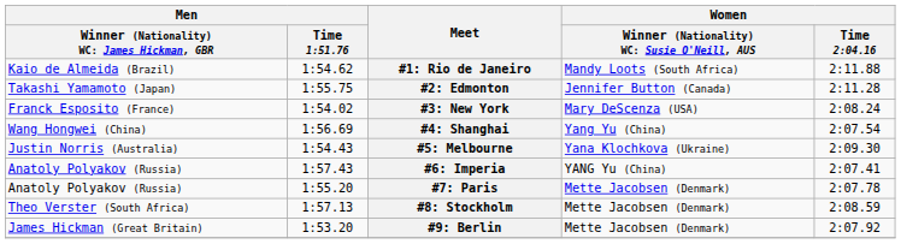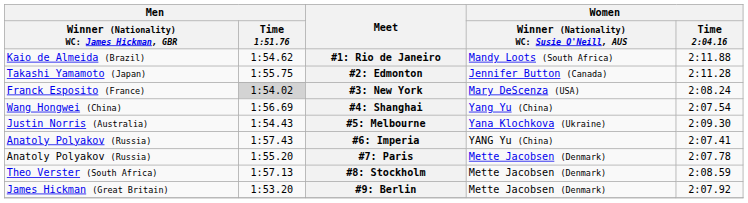 <table class=wikitable width="75%">
 <tr>
 <th colspan="2">Men</th>
 <th rowspan="2">Meet</th>
 <th colspan="2">Women</th>
 </tr>
 <tr>
 <th>Winner <small>(Nationality) <br> WC: <em><a href='#'>James Hickman</a>, GBR</em> </small></th>
 <th>Time <small><br> <em>1:51.76</em> </small></th>
 <th>Winner <small>(Nationality) <br> WC: <em><a href='#'>Susie O'Neill</a>, AUS</em> </small></th>
 <th>Time <small><br> <em>2:04.16</em> </small></th>
 </tr>
 <tr>
 <td> <a href='#'>Kaio de Almeida</a> <small>(Brazil)</small></td>
 <td align=center>1:54.62</td>
 <th>#1: Rio de Janeiro</th>
 <td> <a href='#'>Mandy Loots</a> <small>(South Africa)</small></td>
 <td align=center>2:11.88</td>
 </tr>
 <tr>
 <td> <a href='#'>Takashi Yamamoto</a> <small>(Japan)</small></td>
 <td align=center>1:55.75</td>
 <th>#2: Edmonton</th>
 <td> <a href='#'>Jennifer Button</a> <small>(Canada)</small></td>
 <td align=center>2:11.28</td>
 </tr>
 <tr>
 <td> <a href='#'>Franck Esposito</a> <small>(France)</small></td>
-<td align=center>1:54.02</td>
+<td align=center style="background: lightgrey;">1:54.02</td>
 <th>#3: New York</th>
 <td> <a href='#'>Mary DeScenza</a> <small>(USA)</small></td>
 <td align=center>2:08.24</td>
 </tr>
 <tr>
 <td> <a href='#'>Wang Hongwei</a> <small>(China)</small></td>
 <td align=center>1:56.69</td>
 <th>#4: Shanghai</th>
 <td> <a href='#'>Yang Yu</a> <small>(China)</small></td>
 <td align=center>2:07.54</td>
 </tr>
 <tr>
 <td> <a href='#'>Justin Norris</a> <small>(Australia)</small></td>
 <td align=center>1:54.43</td>
 <th>#5: Melbourne</th>
 <td> <a href='#'>Yana Klochkova</a> <small>(Ukraine)</small></td>
 <td align=center>2:09.30</td>
 </tr>
 <tr>
 <td> <a href='#'>Anatoly Polyakov</a> <small>(Russia)</small></td>
 <td align=center>1:57.43</td>
 <th>#6: Imperia</th>
 <td> YANG Yu <small>(China)</small></td>
 <td align=center>2:07.41</td>
 </tr>
 <tr>
 <td> Anatoly Polyakov <small>(Russia)</small></td>
 <td align=center>1:55.20</td>
 <th>#7: Paris</th>
 <td> <a href='#'>Mette Jacobsen</a> <small>(Denmark)</small></td>
 <td align=center>2:07.78</td>
 </tr>
 <tr>
 <td> <a href='#'>Theo Verster</a> <small>(South Africa)</small></td>
 <td align=center>1:57.13</td>
 <th>#8: Stockholm</th>
 <td> Mette Jacobsen <small>(Denmark)</small></td>
 <td align=center>2:08.59</td>
 </tr>
 <tr>
 <td> <a href='#'>James Hickman</a> <small>(Great Britain)</small></td>
 <td align=center>1:53.20</td>
 <th>#9: Berlin</th>
 <td> Mette Jacobsen <small>(Denmark)</small></td>
 <td align=center>2:07.92</td>
 </tr>
 <tr>
 </tr>
 </table>
